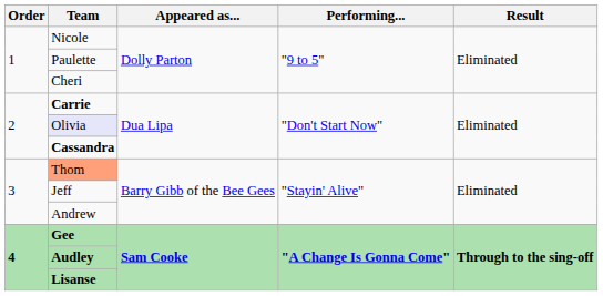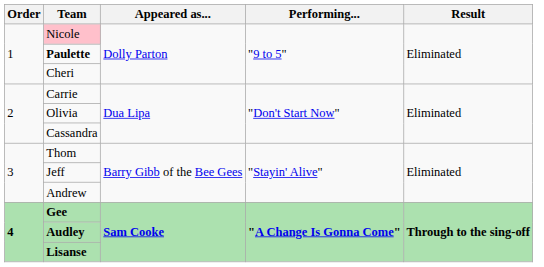 <table class="wikitable">
 <tr>
 <th>Order</th>
 <th>Team</th>
 <th>Appeared as...</th>
 <th>Performing...</th>
 <th>Result</th>
 </tr>
 <tr>
 <td rowspan="3">1</td>
-<td>Nicole</td>
+<td style="background: pink;">Nicole</td>
 <td rowspan="3"><a href='#'>Dolly Parton</a></td>
 <td rowspan="3">"<a href='#'>9 to 5</a>"</td>
 <td rowspan="3">Eliminated</td>
 </tr>
 <tr>
-<td>Paulette</td>
+<td><strong>Paulette</strong></td>
 </tr>
 <tr>
 <td>Cheri</td>
 </tr>
 <tr>
 <td rowspan="3">2</td>
-<td><strong>Carrie</strong></td>
+<td>Carrie</td>
 <td rowspan="3"><a href='#'>Dua Lipa</a></td>
 <td rowspan="3">"<a href='#'>Don't Start Now</a>"</td>
 <td rowspan="3">Eliminated</td>
 </tr>
 <tr>
-<td style="background: lavender;">Olivia</td>
+<td>Olivia</td>
 </tr>
 <tr>
-<td><strong>Cassandra</strong></td>
+<td>Cassandra</td>
 </tr>
 <tr>
 <td rowspan="3">3</td>
-<td style="background: lightsalmon;">Thom</td>
+<td>Thom</td>
 <td rowspan="3"><a href='#'>Barry Gibb</a> of the <a href='#'>Bee Gees</a></td>
 <td rowspan="3">"<a href='#'>Stayin' Alive</a>"</td>
 <td rowspan="3">Eliminated</td>
 </tr>
 <tr>
 <td>Jeff</td>
 </tr>
 <tr>
 <td>Andrew</td>
 </tr>
 <tr>
 <td rowspan="3" style="background:#ACE1AF;"><strong>4</strong></td>
 <td style="background:#ACE1AF;"><strong>Gee</strong></td>
 <td rowspan="3" style="background:#ACE1AF;"><strong><a href='#'>Sam Cooke</a></strong></td>
 <td rowspan="3" style="background:#ACE1AF;"><strong>"<a href='#'>A Change Is Gonna Come</a>"</strong></td>
 <td rowspan="3" style="background:#ACE1AF;"><strong>Through to the sing-off</strong></td>
 </tr>
 <tr>
 <td style="background:#ACE1AF;"><strong>Audley</strong></td>
 </tr>
 <tr>
 <td style="background:#ACE1AF;"><strong>Lisanse</strong></td>
 </tr>
 </table>
